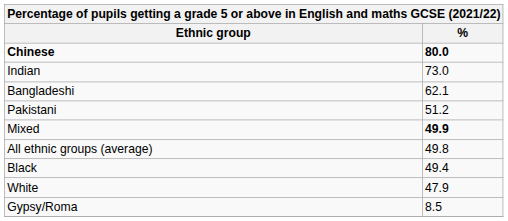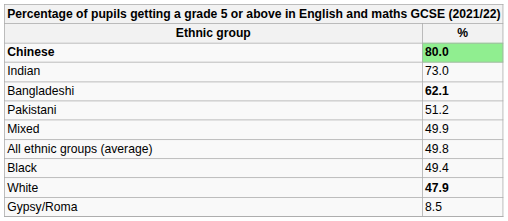 <table class="wikitable sortable">
 <tr>
 <th colspan="3">Percentage of pupils getting a grade 5 or above in English and maths GCSE (2021/22)</th>
 </tr>
 <tr>
 <th>Ethnic group</th>
 <th>%</th>
 </tr>
 <tr>
 <td><strong>Chinese</strong></td>
-<td><strong>80.0</strong></td>
+<td style="background: lightgreen;"><strong>80.0</strong></td>
 </tr>
 <tr>
 <td>Indian</td>
 <td>73.0</td>
 </tr>
 <tr>
 <td>Bangladeshi</td>
-<td>62.1</td>
+<td><strong>62.1</strong></td>
 </tr>
 <tr>
 <td>Pakistani</td>
 <td>51.2</td>
 </tr>
 <tr>
 <td>Mixed</td>
-<td><strong>49.9</strong></td>
+<td>49.9</td>
 </tr>
 <tr>
 <td>All ethnic groups (average)</td>
 <td>49.8</td>
 </tr>
 <tr>
 <td>Black</td>
 <td>49.4</td>
 </tr>
 <tr>
 <td>White</td>
-<td>47.9</td>
+<td><strong>47.9</strong></td>
 </tr>
 <tr>
 <td>Gypsy/Roma</td>
 <td>8.5</td>
 </tr>
 <tr>
 </tr>
 </table>
